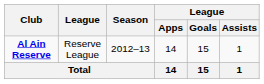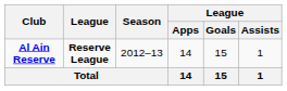 <table class="wikitable" style="text-align: center;">
 <tr>
 <th rowspan="2" style="width:80px;">Club</th>
 <th rowspan="2" style="width:70px;">League</th>
 <th rowspan="2" style="width:70px;">Season</th>
 <th colspan="3" style="width:90px;">League</th>
 </tr>
 <tr>
 <th width="45">Apps</th>
 <th width="45">Goals</th>
 <th width="45">Assists</th>
 </tr>
 <tr>
 <td rowspan="1" style="text-align:center;"><strong><a href='#'>Al Ain Reserve</a></strong></td>
-<td>Reserve League</td>
+<td><strong>Reserve League</strong></td>
 <td>2012–13</td>
 <td>14</td>
 <td>15</td>
 <td>1</td>
 </tr>
 <tr>
 <th colspan="3"><strong>Total</strong></th>
 <th>14</th>
 <th>15</th>
 <th>1</th>
 </tr>
 </table>
